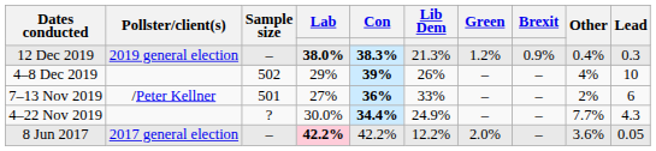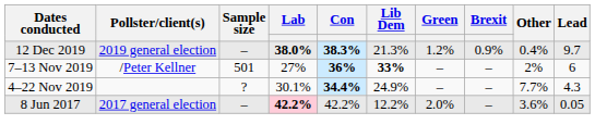 <table class="wikitable sortable mw-datatable" style="text-align:center;line-height:14px;">
 <tr>
 <th rowspan="2">Dates<br>conducted</th>
 <th rowspan="2">Pollster/client(s)</th>
 <th rowspan="2" data-sort-type="number">Sample<br>size</th>
 <th class="unsortable" style="width:50px;"><a href='#'>Lab</a></th>
 <th class="unsortable" style="width:50px;"><a href='#'>Con</a></th>
 <th class="unsortable" style="width:50px;"><a href='#'>Lib Dem</a></th>
 <th class="unsortable" style="width:50px;"><a href='#'>Green</a></th>
 <th class="unsortable" style="width:50px;"><a href='#'>Brexit</a></th>
 <th rowspan="2" class="unsortable">Other</th>
 <th rowspan="2" data-sort-type="number">Lead</th>
 </tr>
 <tr>
 <th data-sort-type="number" style="background:"></th>
 <th data-sort-type="number" style="background:"></th>
 <th data-sort-type="number" style="background:"></th>
 <th data-sort-type="number" style="background:"></th>
 <th data-sort-type="number" style="background:"></th>
 </tr>
 <tr style="background:#E9E9E9;">
 <td data-sort-value="2017-06-08">12 Dec 2019</td>
 <td><a href='#'>2019 general election</a></td>
 <td>–</td>
 <td><strong>38.0%</strong></td>
 <td style="background:#CCEBFF;"><strong>38.3%</strong></td>
 <td>21.3%</td>
 <td>1.2%</td>
 <td>0.9%</td>
 <td>0.4%</td>
-<td style="background:">0.3</td>
-</tr>
-<tr>
-<td data-sort-value="2019-12-8">4–8 Dec 2019</td>
-<td></td>
-<td>502</td>
-<td>29%</td>
-<td style="background:#CCEBFF;"><strong>39%</strong></td>
-<td>26%</td>
-<td>–</td>
-<td>–</td>
-<td>4%</td>
-<td style="background:">10</td>
+<td style="background:">9.7</td>
 </tr>
 <tr>
 <td data-sort-value="2019-11-13">7–13 Nov 2019</td>
 <td>/<a href='#'>Peter Kellner</a></td>
 <td>501</td>
 <td>27%</td>
 <td style="background:#CCEBFF;"><strong>36%</strong></td>
-<td>33%</td>
+<td><strong>33%</strong></td>
 <td>–</td>
 <td>–</td>
 <td>2%</td>
 <td style="background:">6</td>
 </tr>
 <tr>
 <td data-sort-value="2019-10-21">4–22 Nov 2019</td>
 <td></td>
 <td>?</td>
-<td>30.0%</td>
+<td>30.1%</td>
 <td style="background:#CCEBFF;"><strong>34.4%</strong></td>
 <td>24.9%</td>
 <td>–</td>
 <td>–</td>
 <td>7.7%</td>
 <td style="background:">4.3</td>
 </tr>
 <tr style="background:#E9E9E9;">
 <td data-sort-value="2017-06-08">8 Jun 2017</td>
 <td><a href='#'>2017 general election</a></td>
 <td>–</td>
 <td style="background:#FFCCD9;"><strong>42.2%</strong></td>
 <td>42.2%</td>
 <td>12.2%</td>
 <td>2.0%</td>
 <td>–</td>
 <td>3.6%</td>
 <td style="background:">0.05</td>
 </tr>
 </table>
